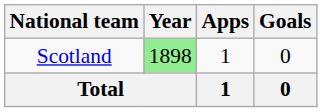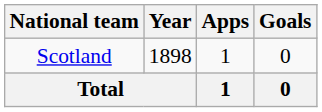 <table class=wikitable style="text-align: center">
 <tr>
 <th>National team</th>
 <th>Year</th>
 <th>Apps</th>
 <th>Goals</th>
 </tr>
 <tr>
 <td><a href='#'>Scotland</a></td>
-<td style="background: lightgreen;">1898</td>
+<td>1898</td>
 <td>1</td>
 <td>0</td>
 </tr>
 <tr>
 <th colspan=2>Total</th>
 <th>1</th>
 <th>0</th>
 </tr>
 </table>
